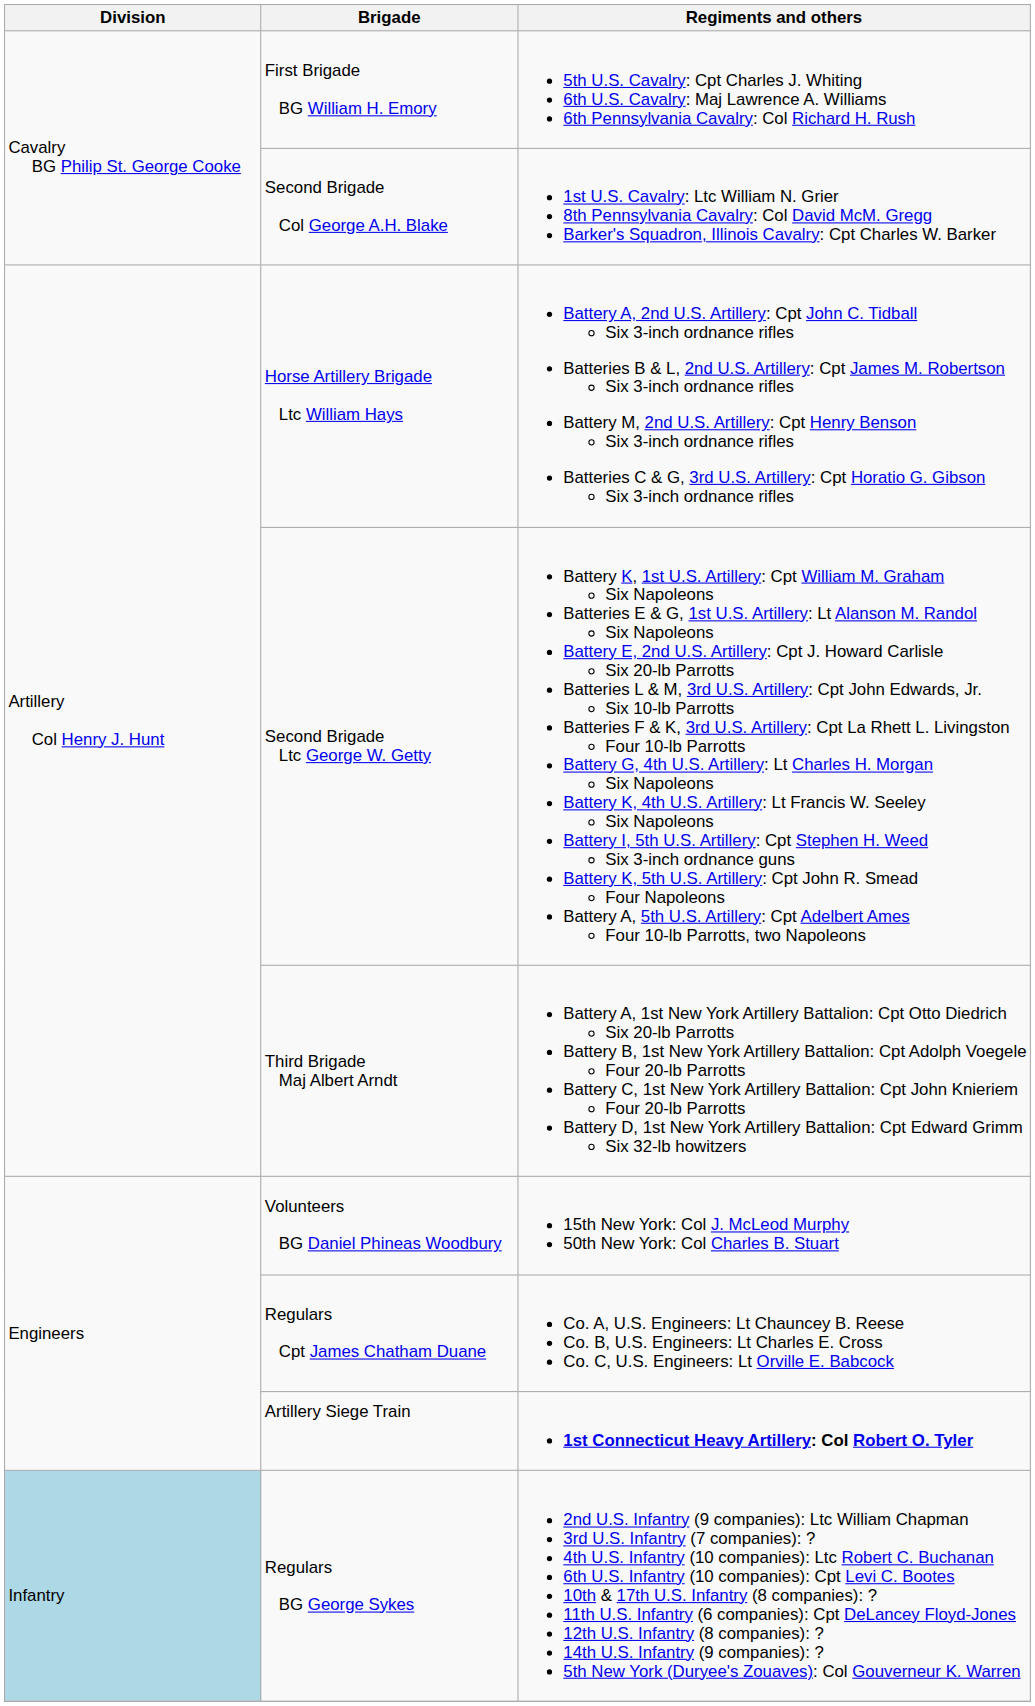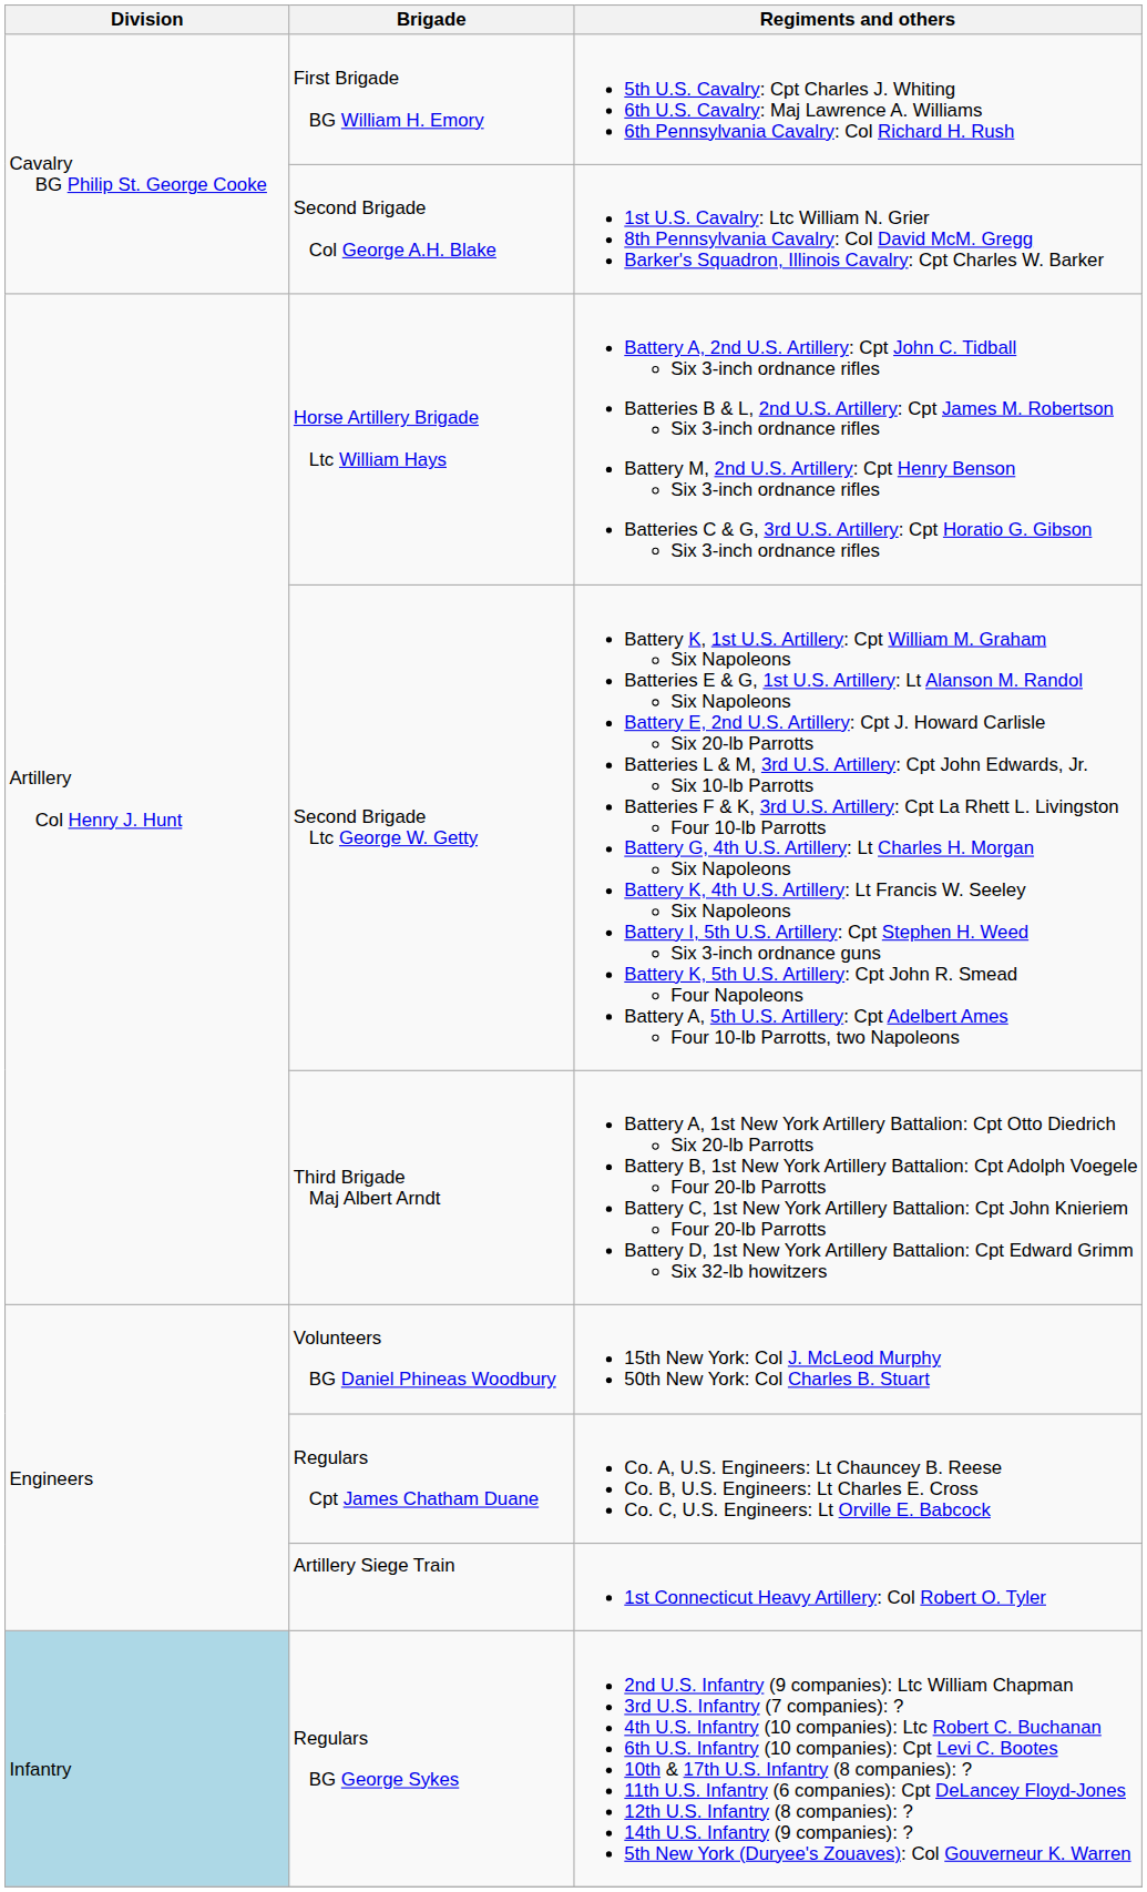 <table class="wikitable">
 <tr>
 <th width=25%>Division</th>
 <th width=25%>Brigade</th>
 <th>Regiments and others</th>
 </tr>
 <tr>
 <td rowspan=2><br>Cavalry <br>     BG <a href='#'>Philip St. George Cooke</a></td>
 <td>First Brigade<br><br>   BG <a href='#'>William H. Emory</a></td>
 <td><br><ul><li><a href='#'>5th U.S. Cavalry</a>: Cpt Charles J. Whiting</li><li><a href='#'>6th U.S. Cavalry</a>: Maj Lawrence A. Williams</li><li><a href='#'>6th Pennsylvania Cavalry</a>: Col <a href='#'>Richard H. Rush</a></li></ul></td>
 </tr>
 <tr>
 <td>Second Brigade<br><br>   Col <a href='#'>George A.H. Blake</a></td>
 <td><br><ul><li><a href='#'>1st U.S. Cavalry</a>: Ltc William N. Grier</li><li><a href='#'>8th Pennsylvania Cavalry</a>: Col <a href='#'>David McM. Gregg</a></li><li><a href='#'>Barker's Squadron, Illinois Cavalry</a>: Cpt Charles W. Barker</li></ul></td>
 </tr>
 <tr>
 <td rowspan="3">Artillery<br><br>     Col <a href='#'>Henry J. Hunt</a></td>
 <td><a href='#'>Horse Artillery Brigade</a><br><br>   Ltc <a href='#'>William Hays</a></td>
 <td><br><ul><li><a href='#'>Battery A, 2nd U.S. Artillery</a>: Cpt <a href='#'>John C. Tidball</a><ul><li>Six 3-inch ordnance rifles</li></ul></li></ul><ul><li>Batteries B & L, <a href='#'>2nd U.S. Artillery</a>: Cpt <a href='#'>James M. Robertson</a><ul><li>Six 3-inch ordnance rifles</li></ul></li></ul><ul><li>Battery M, <a href='#'>2nd U.S. Artillery</a>: Cpt <a href='#'>Henry Benson</a><ul><li>Six 3-inch ordnance rifles</li></ul></li></ul><ul><li>Batteries C & G, <a href='#'>3rd U.S. Artillery</a>: Cpt <a href='#'>Horatio G. Gibson</a><ul><li>Six 3-inch ordnance rifles</li></ul></li></ul></td>
 </tr>
 <tr>
 <td>Second Brigade<br>   Ltc <a href='#'>George W. Getty</a></td>
 <td><br><ul><li>Battery <a href='#'>K</a>, <a href='#'>1st U.S. Artillery</a>: Cpt <a href='#'>William M. Graham</a><ul><li>Six Napoleons</li></ul></li><li>Batteries E & G, <a href='#'>1st U.S. Artillery</a>: Lt <a href='#'>Alanson M. Randol</a><ul><li>Six Napoleons</li></ul></li><li><a href='#'>Battery E, 2nd U.S. Artillery</a>: Cpt J. Howard Carlisle<ul><li>Six 20-lb Parrotts</li></ul></li><li>Batteries L & M, <a href='#'>3rd U.S. Artillery</a>: Cpt John Edwards, Jr.<ul><li>Six 10-lb Parrotts</li></ul></li><li>Batteries F & K, <a href='#'>3rd U.S. Artillery</a>: Cpt La Rhett L. Livingston<ul><li>Four 10-lb Parrotts</li></ul></li><li><a href='#'>Battery G, 4th U.S. Artillery</a>: Lt <a href='#'>Charles H. Morgan</a><ul><li>Six Napoleons</li></ul></li><li><a href='#'>Battery K, 4th U.S. Artillery</a>: Lt Francis W. Seeley<ul><li>Six Napoleons</li></ul></li><li><a href='#'>Battery I, 5th U.S. Artillery</a>: Cpt <a href='#'>Stephen H. Weed</a><ul><li>Six 3-inch ordnance guns</li></ul></li><li><a href='#'>Battery K, 5th U.S. Artillery</a>: Cpt John R. Smead<ul><li>Four Napoleons</li></ul></li><li>Battery A, <a href='#'>5th U.S. Artillery</a>: Cpt <a href='#'>Adelbert Ames</a><ul><li>Four 10-lb Parrotts, two Napoleons</li></ul></li></ul></td>
 </tr>
 <tr>
 <td>Third Brigade<br>   Maj Albert Arndt</td>
 <td><br><ul><li>Battery A, 1st New York Artillery Battalion: Cpt Otto Diedrich<ul><li>Six 20-lb Parrotts</li></ul></li><li>Battery B, 1st New York Artillery Battalion: Cpt Adolph Voegele<ul><li>Four 20-lb Parrotts</li></ul></li><li>Battery C, 1st New York Artillery Battalion: Cpt John Knieriem<ul><li>Four 20-lb Parrotts</li></ul></li><li>Battery D, 1st New York Artillery Battalion: Cpt Edward Grimm<ul><li>Six 32-lb howitzers</li></ul></li></ul></td>
 </tr>
 <tr>
 <td rowspan=3><br>Engineers</td>
 <td>Volunteers<br><br>   BG <a href='#'>Daniel Phineas Woodbury</a></td>
 <td><br><ul><li>15th New York: Col <a href='#'>J. McLeod Murphy</a></li><li>50th New York: Col <a href='#'>Charles B. Stuart</a></li></ul></td>
 </tr>
 <tr>
 <td>Regulars<br><br>   Cpt <a href='#'>James Chatham Duane</a></td>
 <td><br><ul><li>Co. A, U.S. Engineers: Lt Chauncey B. Reese</li><li>Co. B, U.S. Engineers: Lt Charles E. Cross</li><li>Co. C, U.S. Engineers: Lt <a href='#'>Orville E. Babcock</a></li></ul></td>
 </tr>
 <tr>
 <td>Artillery Siege Train<br><br>  </td>
-<td><strong><br><ul><li><a href='#'>1st Connecticut Heavy Artillery</a>: Col <a href='#'>Robert O. Tyler</a></li></ul></strong></td>
+<td><br><ul><li><a href='#'>1st Connecticut Heavy Artillery</a>: Col <a href='#'>Robert O. Tyler</a></li></ul></td>
 </tr>
 <tr>
 <td rowspan=1 style="background: lightblue;"><br>Infantry</td>
 <td>Regulars<br><br>   BG <a href='#'>George Sykes</a></td>
 <td><br><ul><li><a href='#'>2nd U.S. Infantry</a> (9 companies): Ltc William Chapman</li><li><a href='#'>3rd U.S. Infantry</a> (7 companies): ?</li><li><a href='#'>4th U.S. Infantry</a> (10 companies): Ltc <a href='#'>Robert C. Buchanan</a></li><li><a href='#'>6th U.S. Infantry</a> (10 companies): Cpt <a href='#'>Levi C. Bootes</a></li><li><a href='#'>10th</a> & <a href='#'>17th U.S. Infantry</a> (8 companies): ?</li><li><a href='#'>11th U.S. Infantry</a> (6 companies): Cpt <a href='#'>DeLancey Floyd-Jones</a></li><li><a href='#'>12th U.S. Infantry</a> (8 companies): ?</li><li><a href='#'>14th U.S. Infantry</a> (9 companies): ?</li><li><a href='#'>5th New York (Duryee's Zouaves)</a>: Col <a href='#'>Gouverneur K. Warren</a></li></ul></td>
 </tr>
 <tr>
 </tr>
 </table>
